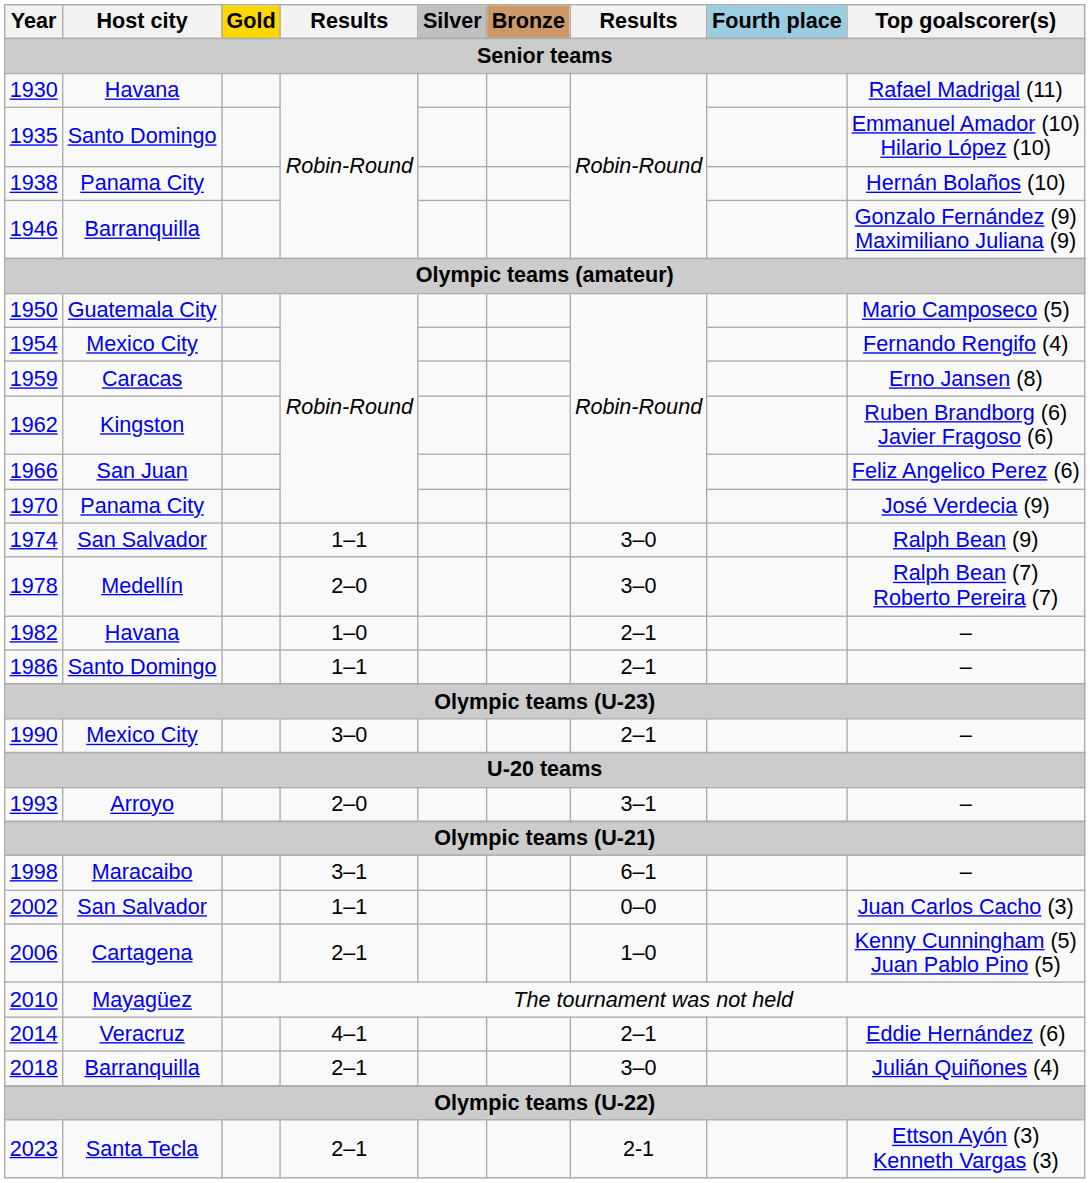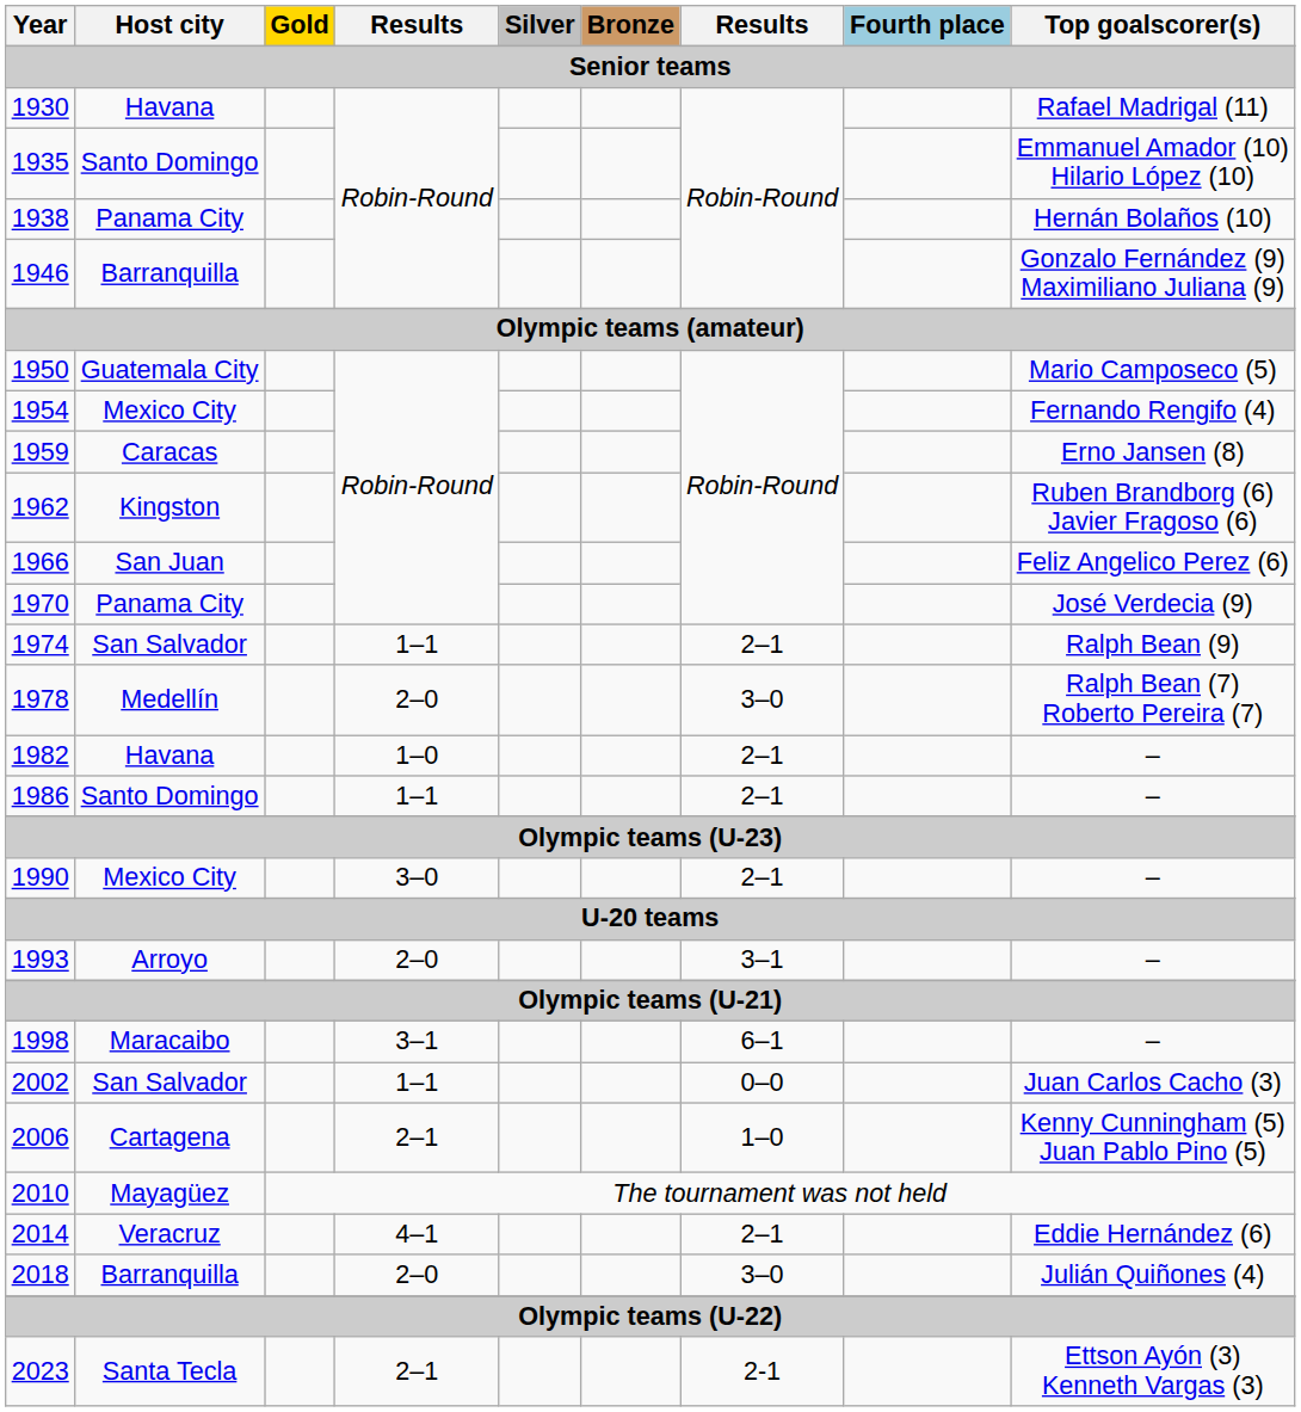 <table class="wikitable" style="text-align: center;">
 <tr>
 <th>Year</th>
 <th>Host city</th>
 <th style="background:gold">Gold</th>
 <th>Results</th>
 <th style="background:silver">Silver</th>
 <th style="background:#c96">Bronze</th>
 <th>Results</th>
 <th style="background:#9acddf">Fourth place</th>
 <th>Top goalscorer(s)</th>
 </tr>
 <tr>
 </tr>
 <tr bgcolor=#cccccc align=center>
 <td colspan=10><strong>Senior teams</strong></td>
 </tr>
 <tr>
 <td><a href='#'>1930</a></td>
 <td> <a href='#'>Havana</a></td>
 <td><strong></strong></td>
 <td rowspan=4><em>Robin-Round</em></td>
 <td></td>
 <td></td>
 <td rowspan=4><em>Robin-Round</em></td>
 <td></td>
 <td> <a href='#'>Rafael Madrigal</a> (11)</td>
 </tr>
 <tr>
 <td><a href='#'>1935</a></td>
 <td> <a href='#'>Santo Domingo</a></td>
 <td><strong></strong></td>
 <td></td>
 <td></td>
 <td></td>
 <td> <a href='#'>Emmanuel Amador</a> (10)<br> <a href='#'>Hilario López</a> (10)</td>
 </tr>
 <tr>
 <td><a href='#'>1938</a></td>
 <td> <a href='#'>Panama City</a></td>
 <td><strong></strong></td>
 <td></td>
 <td></td>
 <td></td>
 <td> <a href='#'>Hernán Bolaños</a> (10)</td>
 </tr>
 <tr>
 <td><a href='#'>1946</a></td>
 <td> <a href='#'>Barranquilla</a></td>
 <td><strong></strong></td>
 <td></td>
 <td></td>
 <td></td>
 <td> <a href='#'>Gonzalo Fernández</a> (9)<br> <a href='#'>Maximiliano Juliana</a> (9)</td>
 </tr>
 <tr>
 </tr>
 <tr bgcolor=#cccccc align=center>
 <td colspan=10><strong>Olympic teams (amateur)</strong></td>
 </tr>
 <tr>
 <td><a href='#'>1950</a></td>
 <td> <a href='#'>Guatemala City</a></td>
 <td><strong></strong></td>
 <td rowspan=6><em>Robin-Round</em></td>
 <td></td>
 <td></td>
 <td rowspan=6><em>Robin-Round</em></td>
 <td></td>
 <td> <a href='#'>Mario Camposeco</a> (5)</td>
 </tr>
 <tr>
 <td><a href='#'>1954</a></td>
 <td> <a href='#'>Mexico City</a></td>
 <td><strong></strong></td>
 <td></td>
 <td></td>
 <td></td>
 <td> <a href='#'>Fernando Rengifo</a> (4)</td>
 </tr>
 <tr>
 <td><a href='#'>1959</a></td>
 <td> <a href='#'>Caracas</a></td>
 <td><strong></strong></td>
 <td></td>
 <td></td>
 <td></td>
 <td> <a href='#'>Erno Jansen</a> (8)</td>
 </tr>
 <tr>
 <td><a href='#'>1962</a></td>
 <td> <a href='#'>Kingston</a></td>
 <td><strong></strong></td>
 <td></td>
 <td></td>
 <td></td>
 <td> <a href='#'>Ruben Brandborg</a> (6)<br> <a href='#'>Javier Fragoso</a> (6)</td>
 </tr>
 <tr>
 <td><a href='#'>1966</a></td>
 <td> <a href='#'>San Juan</a></td>
 <td><strong></strong></td>
 <td></td>
 <td></td>
 <td></td>
 <td> <a href='#'>Feliz Angelico Perez</a> (6)</td>
 </tr>
 <tr>
 <td><a href='#'>1970</a></td>
 <td> <a href='#'>Panama City</a></td>
 <td><strong></strong></td>
 <td></td>
 <td></td>
 <td></td>
 <td> <a href='#'>José Verdecia</a> (9)</td>
 </tr>
 <tr>
 <td><a href='#'>1974</a></td>
 <td> <a href='#'>San Salvador</a></td>
 <td><strong></strong></td>
 <td>1–1<br><small></small></td>
 <td></td>
 <td></td>
-<td>3–0</td>
+<td>2–1</td>
 <td></td>
 <td> <a href='#'>Ralph Bean</a> (9)</td>
 </tr>
 <tr>
 <td><a href='#'>1978</a></td>
 <td> <a href='#'>Medellín</a></td>
 <td><strong></strong></td>
 <td>2–0<br><small></small></td>
 <td></td>
 <td></td>
 <td>3–0</td>
 <td></td>
 <td> <a href='#'>Ralph Bean</a> (7)<br> <a href='#'>Roberto Pereira</a> (7)</td>
 </tr>
 <tr>
 <td><a href='#'>1982</a></td>
 <td> <a href='#'>Havana</a></td>
 <td><strong></strong></td>
 <td>1–0</td>
 <td></td>
 <td></td>
 <td>2–1</td>
 <td></td>
 <td>–</td>
 </tr>
 <tr>
 <td><a href='#'>1986</a></td>
 <td> <a href='#'>Santo Domingo</a></td>
 <td><strong></strong></td>
 <td>1–1<br><small></small></td>
 <td></td>
 <td></td>
 <td>2–1</td>
 <td></td>
 <td>–</td>
 </tr>
 <tr>
 </tr>
 <tr bgcolor=#cccccc align=center>
 <td colspan=10><strong>Olympic teams (U-23)</strong></td>
 </tr>
 <tr>
 <td><a href='#'>1990</a></td>
 <td> <a href='#'>Mexico City</a></td>
 <td><strong></strong></td>
 <td>3–0</td>
 <td></td>
 <td></td>
 <td>2–1</td>
 <td></td>
 <td>–</td>
 </tr>
 <tr>
 </tr>
 <tr bgcolor=#cccccc align=center>
 <td colspan=10><strong>U-20 teams</strong></td>
 </tr>
 <tr>
 <td><a href='#'>1993</a></td>
 <td> <a href='#'>Arroyo</a></td>
 <td><strong></strong></td>
 <td>2–0</td>
 <td></td>
 <td></td>
 <td>3–1</td>
 <td></td>
 <td>–</td>
 </tr>
 <tr>
 </tr>
 <tr bgcolor=#cccccc align=Center>
 <td colspan=12><strong>Olympic teams (U-21)</strong></td>
 </tr>
 <tr>
 <td><a href='#'>1998</a></td>
 <td> <a href='#'>Maracaibo</a></td>
 <td><strong></strong></td>
 <td>3–1</td>
 <td></td>
 <td></td>
 <td>6–1</td>
 <td></td>
 <td>–</td>
 </tr>
 <tr>
 <td><a href='#'>2002</a></td>
 <td> <a href='#'>San Salvador</a></td>
 <td><strong></strong></td>
 <td>1–1<br><small></small></td>
 <td></td>
 <td></td>
 <td>0–0<br><small></small></td>
 <td></td>
 <td> <a href='#'>Juan Carlos Cacho</a> (3)</td>
 </tr>
 <tr>
 <td><a href='#'>2006</a></td>
 <td> <a href='#'>Cartagena</a></td>
 <td><strong></strong></td>
 <td>2–1</td>
 <td></td>
 <td></td>
 <td>1–0</td>
 <td></td>
 <td> <a href='#'>Kenny Cunningham</a> (5)<br> <a href='#'>Juan Pablo Pino</a> (5)</td>
 </tr>
 <tr>
 <td><a href='#'>2010</a></td>
 <td> <a href='#'>Mayagüez</a></td>
 <td colspan=7><em>The tournament was not held</em></td>
 </tr>
 <tr>
 <td><a href='#'>2014</a></td>
 <td> <a href='#'>Veracruz</a></td>
 <td><strong></strong></td>
 <td>4–1</td>
 <td></td>
 <td></td>
 <td>2–1</td>
 <td></td>
 <td> <a href='#'>Eddie Hernández</a> (6)</td>
 </tr>
 <tr>
 <td><a href='#'>2018</a></td>
 <td> <a href='#'>Barranquilla</a></td>
 <td><strong></strong></td>
-<td>2–1</td>
+<td>2–0</td>
 <td></td>
 <td></td>
 <td>3–0</td>
 <td></td>
 <td> <a href='#'>Julián Quiñones</a> (4)</td>
 </tr>
 <tr>
 </tr>
 <tr bgcolor=#cccccc align=center>
 <td colspan=10><strong>Olympic teams (U-22)</strong></td>
 </tr>
 <tr>
 <td><a href='#'>2023</a></td>
 <td> <a href='#'>Santa Tecla</a></td>
 <td><strong></strong></td>
 <td>2–1</td>
 <td></td>
 <td></td>
 <td>2-1</td>
 <td></td>
 <td> <a href='#'>Ettson Ayón</a> (3)<br> <a href='#'>Kenneth Vargas</a> (3)</td>
 </tr>
 </table>
